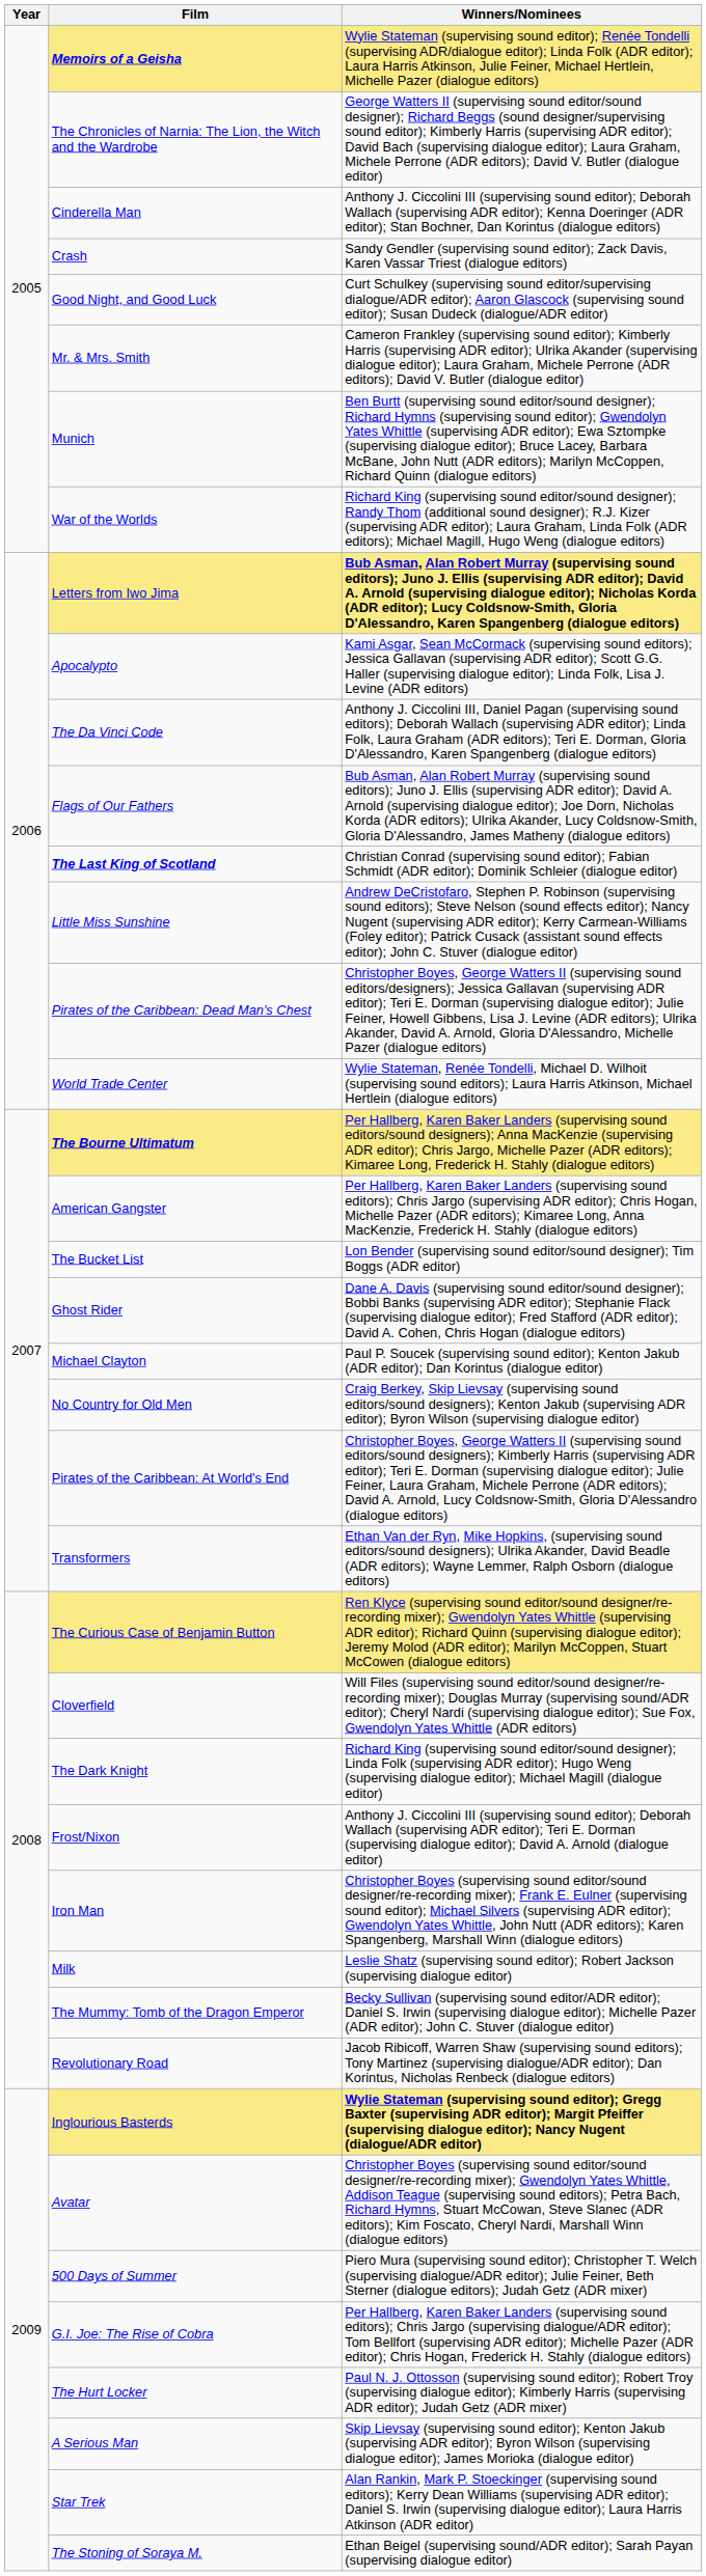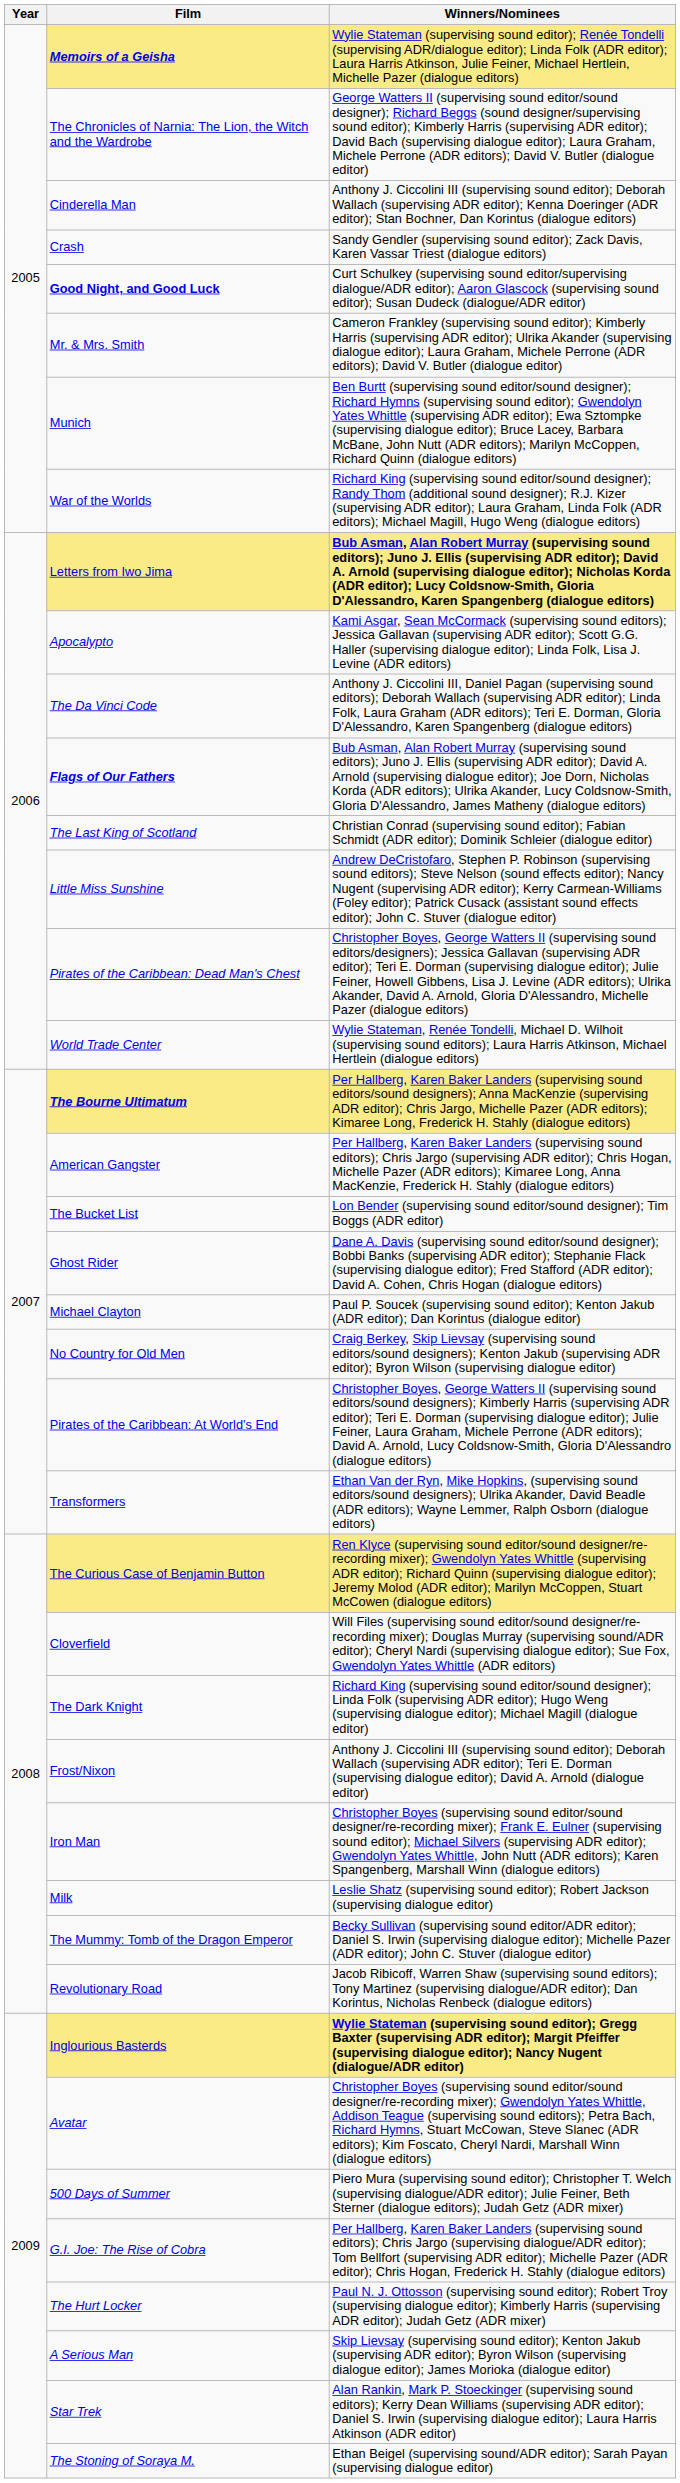 <table class="wikitable" width="95%" cellpadding="5">
 <tr>
 <th width="6%">Year</th>
 <th width="40%">Film</th>
 <th width="49%">Winners/Nominees</th>
 </tr>
 <tr>
 <td rowspan=8 style="text-align:center">2005<br></td>
 <td style="background:#FAEB86;"><strong><em><a href='#'>Memoirs of a Geisha</a><em> <strong></td>
 <td style="background:#FAEB86;"></strong><a href='#'>Wylie Stateman</a> (supervising sound editor); <a href='#'>Renée Tondelli</a> (supervising ADR/dialogue editor); Linda Folk (ADR editor); Laura Harris Atkinson, Julie Feiner, Michael Hertlein, Michelle Pazer (dialogue editors)<strong></td>
 </tr>
 <tr>
 <td></em><a href='#'>The Chronicles of Narnia: The Lion, the Witch and the Wardrobe</a><em></td>
 <td><a href='#'>George Watters II</a> (supervising sound editor/sound designer); <a href='#'>Richard Beggs</a> (sound designer/supervising sound editor); Kimberly Harris (supervising ADR editor); David Bach (supervising dialogue editor); Laura Graham, Michele Perrone (ADR editors); David V. Butler (dialogue editor)</td>
 </tr>
 <tr>
 <td></em><a href='#'>Cinderella Man</a><em></td>
 <td>Anthony J. Ciccolini III (supervising sound editor); Deborah Wallach (supervising ADR editor); Kenna Doeringer (ADR editor); Stan Bochner, Dan Korintus (dialogue editors)</td>
 </tr>
 <tr>
 <td></em><a href='#'>Crash</a><em></td>
 <td>Sandy Gendler (supervising sound editor); Zack Davis, Karen Vassar Triest (dialogue editors)</td>
 </tr>
 <tr>
-<td></em><a href='#'>Good Night, and Good Luck</a><em></td>
+<td><strong></em><a href='#'>Good Night, and Good Luck</a><em></strong></td>
 <td>Curt Schulkey (supervising sound editor/supervising dialogue/ADR editor); <a href='#'>Aaron Glascock</a> (supervising sound editor); Susan Dudeck (dialogue/ADR editor)</td>
 </tr>
 <tr>
 <td></em><a href='#'>Mr. & Mrs. Smith</a><em></td>
 <td>Cameron Frankley (supervising sound editor); Kimberly Harris (supervising ADR editor); Ulrika Akander (supervising dialogue editor); Laura Graham, Michele Perrone (ADR editors); David V. Butler (dialogue editor)</td>
 </tr>
 <tr>
 <td></em><a href='#'>Munich</a><em></td>
 <td><a href='#'>Ben Burtt</a> (supervising sound editor/sound designer); <a href='#'>Richard Hymns</a> (supervising sound editor); <a href='#'>Gwendolyn Yates Whittle</a> (supervising ADR editor); Ewa Sztompke (supervising dialogue editor); Bruce Lacey, Barbara McBane, John Nutt (ADR editors); Marilyn McCoppen, Richard Quinn (dialogue editors)</td>
 </tr>
 <tr>
 <td></em><a href='#'>War of the Worlds</a><em></td>
 <td><a href='#'>Richard King</a> (supervising sound editor/sound designer); <a href='#'>Randy Thom</a> (additional sound designer); R.J. Kizer (supervising ADR editor); Laura Graham, Linda Folk (ADR editors); Michael Magill, Hugo Weng (dialogue editors)</td>
 </tr>
 <tr>
 <td rowspan=8 style="text-align:center">2006<br></td>
 <td style="background:#FAEB86;"></em></strong><a href='#'>Letters from Iwo Jima</a></em> </strong></td>
 <td style="background:#FAEB86;"><strong><a href='#'>Bub Asman</a>, <a href='#'>Alan Robert Murray</a> (supervising sound editors); Juno J. Ellis (supervising ADR editor); David A. Arnold (supervising dialogue editor); Nicholas Korda (ADR editor); Lucy Coldsnow-Smith, Gloria D'Alessandro, Karen Spangenberg (dialogue editors)</strong></td>
 </tr>
 <tr>
 <td><em><a href='#'>Apocalypto</a></em></td>
 <td><a href='#'>Kami Asgar</a>, <a href='#'>Sean McCormack</a> (supervising sound editors); Jessica Gallavan (supervising ADR editor); Scott G.G. Haller (supervising dialogue editor); Linda Folk, Lisa J. Levine (ADR editors)</td>
 </tr>
 <tr>
 <td><em><a href='#'>The Da Vinci Code</a></em></td>
 <td>Anthony J. Ciccolini III, Daniel Pagan (supervising sound editors); Deborah Wallach (supervising ADR editor); Linda Folk, Laura Graham (ADR editors); Teri E. Dorman, Gloria D'Alessandro, Karen Spangenberg (dialogue editors)</td>
 </tr>
 <tr>
-<td><em><a href='#'>Flags of Our Fathers</a></em></td>
+<td><strong><em><a href='#'>Flags of Our Fathers</a></em></strong></td>
 <td><a href='#'>Bub Asman</a>, <a href='#'>Alan Robert Murray</a> (supervising sound editors); Juno J. Ellis (supervising ADR editor); David A. Arnold (supervising dialogue editor); Joe Dorn, Nicholas Korda (ADR editors); Ulrika Akander, Lucy Coldsnow-Smith, Gloria D'Alessandro, James Matheny (dialogue editors)</td>
 </tr>
 <tr>
-<td><strong><em><a href='#'>The Last King of Scotland</a></em></strong></td>
+<td><em><a href='#'>The Last King of Scotland</a></em></td>
 <td>Christian Conrad (supervising sound editor); Fabian Schmidt (ADR editor); Dominik Schleier (dialogue editor)</td>
 </tr>
 <tr>
 <td><em><a href='#'>Little Miss Sunshine</a></em></td>
 <td><a href='#'>Andrew DeCristofaro</a>, Stephen P. Robinson (supervising sound editors); Steve Nelson (sound effects editor); Nancy Nugent (supervising ADR editor); Kerry Carmean-Williams (Foley editor); Patrick Cusack (assistant sound effects editor); John C. Stuver (dialogue editor)</td>
 </tr>
 <tr>
 <td><em><a href='#'>Pirates of the Caribbean: Dead Man's Chest</a></em></td>
 <td><a href='#'>Christopher Boyes</a>, <a href='#'>George Watters II</a> (supervising sound editors/designers); Jessica Gallavan (supervising ADR editor); Teri E. Dorman (supervising dialogue editor); Julie Feiner, Howell Gibbens, Lisa J. Levine (ADR editors); Ulrika Akander, David A. Arnold, Gloria D'Alessandro, Michelle Pazer (dialogue editors)</td>
 </tr>
 <tr>
 <td><em><a href='#'>World Trade Center</a></em></td>
 <td><a href='#'>Wylie Stateman</a>, <a href='#'>Renée Tondelli</a>, Michael D. Wilhoit (supervising sound editors); Laura Harris Atkinson, Michael Hertlein (dialogue editors)</td>
 </tr>
 <tr>
 <td rowspan=8 style="text-align:center">2007<br></td>
 <td style="background:#FAEB86;"><strong><em><a href='#'>The Bourne Ultimatum</a><em> <strong></td>
 <td style="background:#FAEB86;"></strong><a href='#'>Per Hallberg</a>, <a href='#'>Karen Baker Landers</a> (supervising sound editors/sound designers); Anna MacKenzie (supervising ADR editor); Chris Jargo, Michelle Pazer (ADR editors); Kimaree Long, Frederick H. Stahly (dialogue editors)<strong></td>
 </tr>
 <tr>
 <td></em><a href='#'>American Gangster</a><em></td>
 <td><a href='#'>Per Hallberg</a>, <a href='#'>Karen Baker Landers</a> (supervising sound editors); Chris Jargo (supervising ADR editor); Chris Hogan, Michelle Pazer (ADR editors); Kimaree Long, Anna MacKenzie, Frederick H. Stahly (dialogue editors)</td>
 </tr>
 <tr>
 <td></em><a href='#'>The Bucket List</a><em></td>
 <td><a href='#'>Lon Bender</a> (supervising sound editor/sound designer); Tim Boggs (ADR editor)</td>
 </tr>
 <tr>
 <td></em><a href='#'>Ghost Rider</a><em></td>
 <td><a href='#'>Dane A. Davis</a> (supervising sound editor/sound designer); Bobbi Banks (supervising ADR editor); Stephanie Flack (supervising dialogue editor); Fred Stafford (ADR editor); David A. Cohen, Chris Hogan (dialogue editors)</td>
 </tr>
 <tr>
 <td></em><a href='#'>Michael Clayton</a><em></td>
 <td>Paul P. Soucek (supervising sound editor); Kenton Jakub (ADR editor); Dan Korintus (dialogue editor)</td>
 </tr>
 <tr>
 <td></em><a href='#'>No Country for Old Men</a><em></td>
 <td><a href='#'>Craig Berkey</a>, <a href='#'>Skip Lievsay</a> (supervising sound editors/sound designers); Kenton Jakub (supervising ADR editor); Byron Wilson (supervising dialogue editor)</td>
 </tr>
 <tr>
 <td></em><a href='#'>Pirates of the Caribbean: At World's End</a><em></td>
 <td><a href='#'>Christopher Boyes</a>, <a href='#'>George Watters II</a> (supervising sound editors/sound designers); Kimberly Harris (supervising ADR editor); Teri E. Dorman (supervising dialogue editor); Julie Feiner, Laura Graham, Michele Perrone (ADR editors); David A. Arnold, Lucy Coldsnow-Smith, Gloria D'Alessandro (dialogue editors)</td>
 </tr>
 <tr>
 <td></em><a href='#'>Transformers</a><em></td>
 <td><a href='#'>Ethan Van der Ryn</a>, <a href='#'>Mike Hopkins</a>, (supervising sound editors/sound designers); Ulrika Akander, David Beadle (ADR editors); Wayne Lemmer, Ralph Osborn (dialogue editors)</td>
 </tr>
 <tr>
 <td rowspan=8 style="text-align:center">2008<br></td>
 <td style="background:#FAEB86;"></em></strong><a href='#'>The Curious Case of Benjamin Button</a><strong><em></td>
 <td style="background:#FAEB86;"></strong><a href='#'>Ren Klyce</a> (supervising sound editor/sound designer/re-recording mixer); <a href='#'>Gwendolyn Yates Whittle</a> (supervising ADR editor); Richard Quinn (supervising dialogue editor); Jeremy Molod (ADR editor); Marilyn McCoppen, Stuart McCowen (dialogue editors)<strong></td>
 </tr>
 <tr>
 <td></em><a href='#'>Cloverfield</a><em></td>
 <td>Will Files (supervising sound editor/sound designer/re-recording mixer); Douglas Murray (supervising sound/ADR editor); Cheryl Nardi (supervising dialogue editor); Sue Fox, <a href='#'>Gwendolyn Yates Whittle</a> (ADR editors)</td>
 </tr>
 <tr>
 <td></em><a href='#'>The Dark Knight</a><em></td>
 <td><a href='#'>Richard King</a> (supervising sound editor/sound designer); Linda Folk (supervising ADR editor); Hugo Weng (supervising dialogue editor); Michael Magill (dialogue editor)</td>
 </tr>
 <tr>
 <td></em><a href='#'>Frost/Nixon</a><em></td>
 <td>Anthony J. Ciccolini III (supervising sound editor); Deborah Wallach (supervising ADR editor); Teri E. Dorman (supervising dialogue editor); David A. Arnold (dialogue editor)</td>
 </tr>
 <tr>
 <td></em><a href='#'>Iron Man</a><em></td>
 <td><a href='#'>Christopher Boyes</a> (supervising sound editor/sound designer/re-recording mixer); <a href='#'>Frank E. Eulner</a> (supervising sound editor); <a href='#'>Michael Silvers</a> (supervising ADR editor); <a href='#'>Gwendolyn Yates Whittle</a>, John Nutt (ADR editors); Karen Spangenberg, Marshall Winn (dialogue editors)</td>
 </tr>
 <tr>
 <td></em><a href='#'>Milk</a><em></td>
 <td><a href='#'>Leslie Shatz</a> (supervising sound editor); Robert Jackson (supervising dialogue editor)</td>
 </tr>
 <tr>
 <td></em><a href='#'>The Mummy: Tomb of the Dragon Emperor</a><em></td>
 <td><a href='#'>Becky Sullivan</a> (supervising sound editor/ADR editor); Daniel S. Irwin (supervising dialogue editor); Michelle Pazer (ADR editor); John C. Stuver (dialogue editor)</td>
 </tr>
 <tr>
 <td></em><a href='#'>Revolutionary Road</a><em></td>
 <td>Jacob Ribicoff, Warren Shaw (supervising sound editors); Tony Martinez (supervising dialogue/ADR editor); Dan Korintus, Nicholas Renbeck (dialogue editors)</td>
 </tr>
 <tr>
 <td rowspan=8 style="text-align:center">2009<br></td>
 <td style="background:#FAEB86;"></em></strong><a href='#'>Inglourious Basterds</a></em> </strong></td>
 <td style="background:#FAEB86;"><strong><a href='#'>Wylie Stateman</a> (supervising sound editor); Gregg Baxter (supervising ADR editor); Margit Pfeiffer (supervising dialogue editor); Nancy Nugent (dialogue/ADR editor)</strong></td>
 </tr>
 <tr>
 <td><em><a href='#'>Avatar</a></em></td>
 <td><a href='#'>Christopher Boyes</a> (supervising sound editor/sound designer/re-recording mixer); <a href='#'>Gwendolyn Yates Whittle</a>, <a href='#'>Addison Teague</a> (supervising sound editors); Petra Bach, <a href='#'>Richard Hymns</a>, Stuart McCowan, Steve Slanec (ADR editors); Kim Foscato, Cheryl Nardi, Marshall Winn (dialogue editors)</td>
 </tr>
 <tr>
 <td><em><a href='#'>500 Days of Summer</a></em></td>
 <td>Piero Mura (supervising sound editor); Christopher T. Welch (supervising dialogue/ADR editor); Julie Feiner, Beth Sterner (dialogue editors); Judah Getz (ADR mixer)</td>
 </tr>
 <tr>
 <td><em><a href='#'>G.I. Joe: The Rise of Cobra</a></em></td>
 <td><a href='#'>Per Hallberg</a>, <a href='#'>Karen Baker Landers</a> (supervising sound editors); Chris Jargo (supervising dialogue/ADR editor); Tom Bellfort (supervising ADR editor); Michelle Pazer (ADR editor); Chris Hogan, Frederick H. Stahly (dialogue editors)</td>
 </tr>
 <tr>
 <td><em><a href='#'>The Hurt Locker</a></em></td>
 <td><a href='#'>Paul N. J. Ottosson</a> (supervising sound editor); Robert Troy (supervising dialogue editor); Kimberly Harris (supervising ADR editor); Judah Getz (ADR mixer)</td>
 </tr>
 <tr>
 <td><em><a href='#'>A Serious Man</a></em></td>
 <td><a href='#'>Skip Lievsay</a> (supervising sound editor); Kenton Jakub (supervising ADR editor); Byron Wilson (supervising dialogue editor); James Morioka (dialogue editor)</td>
 </tr>
 <tr>
 <td><em><a href='#'>Star Trek</a></em></td>
 <td><a href='#'>Alan Rankin</a>, <a href='#'>Mark P. Stoeckinger</a> (supervising sound editors); Kerry Dean Williams (supervising ADR editor); Daniel S. Irwin (supervising dialogue editor); Laura Harris Atkinson (ADR editor)</td>
 </tr>
 <tr>
 <td><em><a href='#'>The Stoning of Soraya M.</a></em></td>
 <td>Ethan Beigel (supervising sound/ADR editor); Sarah Payan (supervising dialogue editor)</td>
 </tr>
 </table>
